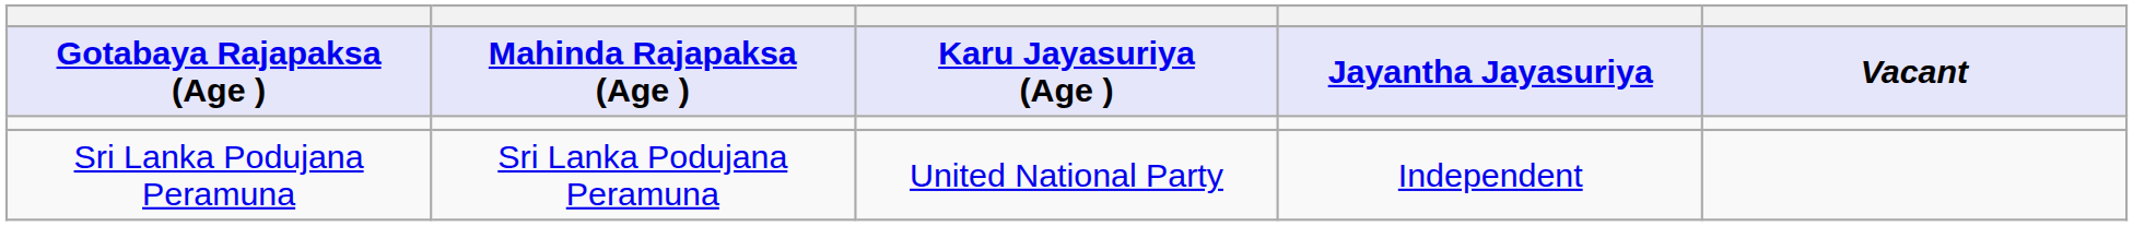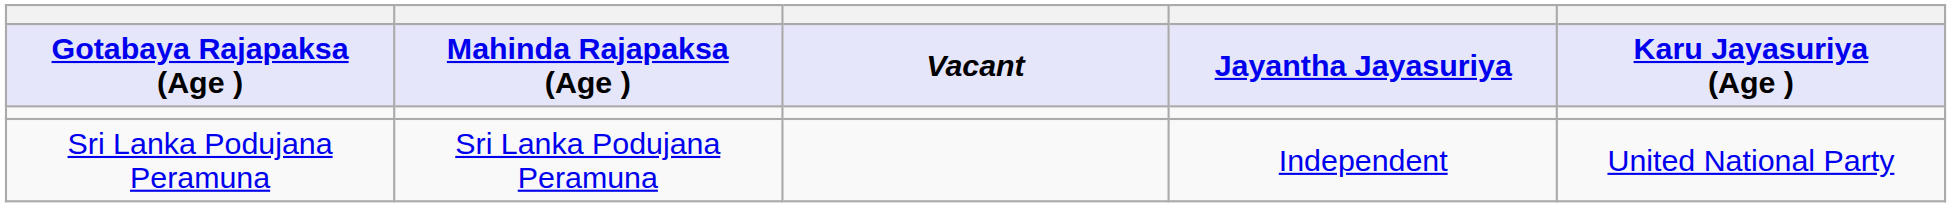 <table class=wikitable style="font-size:90%; text-align:center; margin:1em auto;">
 <tr>
 <th style="font-size:135%; width:175px; background:"><a href='#'></a></th>
 <th style="font-size:135%; width:175px; background:"><a href='#'></a></th>
 <th style="font-size:135%; width:175px; background:"><a href='#'></a></th>
 <th style="font-size:135%; width:175px; background:"><a href='#'></a></th>
 <th style="font-size:135%; width:175px; background:"><a href='#'></a></th>
 </tr>
 <tr>
 <th style="background:lavender;"><strong><a href='#'>Gotabaya Rajapaksa</a></strong><br>(Age )</th>
 <th style="background:lavender;"><strong><a href='#'>Mahinda Rajapaksa</a></strong><br>(Age )</th>
+<th style="background:lavender;"><strong><em>Vacant</em></strong></th>
+<th style="background:lavender;"><strong><a href='#'>Jayantha Jayasuriya</a></strong><br></th>
 <th style="background:lavender;"><strong><a href='#'>Karu Jayasuriya</a></strong><br>(Age )</th>
-<th style="background:lavender;"><strong><a href='#'>Jayantha Jayasuriya</a></strong><br></th>
-<th style="background:lavender;"><strong><em>Vacant</em></strong></th>
 </tr>
 <tr>
 <td></td>
 <td></td>
 <td></td>
 <td></td>
 <td></td>
 </tr>
 <tr>
 <td><a href='#'>Sri Lanka Podujana Peramuna</a><br></td>
 <td><a href='#'>Sri Lanka Podujana Peramuna</a><br></td>
+<td></td>
+<td><a href='#'>Independent</a><br></td>
 <td><a href='#'>United National Party</a><br></td>
-<td><a href='#'>Independent</a><br></td>
-<td></td>
 </tr>
 </table>
